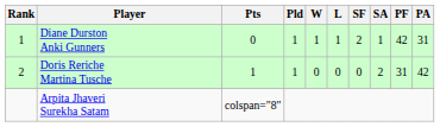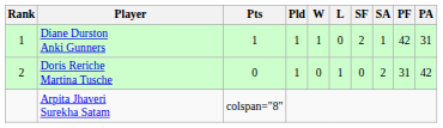 <table class=wikitable style="text-align:center; font-size:90%">
 <tr>
 <th width="20">Rank</th>
 <th width="225">Player</th>
 <th width="20">Pts</th>
 <th width="20">Pld</th>
 <th width="20">W</th>
 <th width="20">L</th>
 <th width="20">SF</th>
 <th width="20">SA</th>
 <th width="20">PF</th>
 <th width="20">PA</th>
 </tr>
 <tr bgcolor="#ccffcc">
 <td>1</td>
 <td style="text-align:left"> <a href='#'>Diane Durston</a><br> <a href='#'>Anki Gunners</a></td>
-<td>0</td>
 <td>1</td>
 <td>1</td>
 <td>1</td>
+<td>0</td>
 <td>2</td>
 <td>1</td>
 <td>42</td>
 <td>31</td>
 </tr>
 <tr bgcolor="#ccffcc">
 <td>2</td>
 <td style="text-align:left"> <a href='#'>Doris Reriche</a><br> <a href='#'>Martina Tusche</a></td>
-<td>1</td>
+<td>0</td>
 <td>1</td>
 <td>0</td>
-<td>0</td>
+<td>1</td>
 <td>0</td>
 <td>2</td>
 <td>31</td>
 <td>42</td>
 </tr>
 <tr>
 <td></td>
 <td style="text-align:left"> <a href='#'>Arpita Jhaveri</a><br> <a href='#'>Surekha Satam</a></td>
 <td>colspan="8" </td>
 </tr>
 </table>
